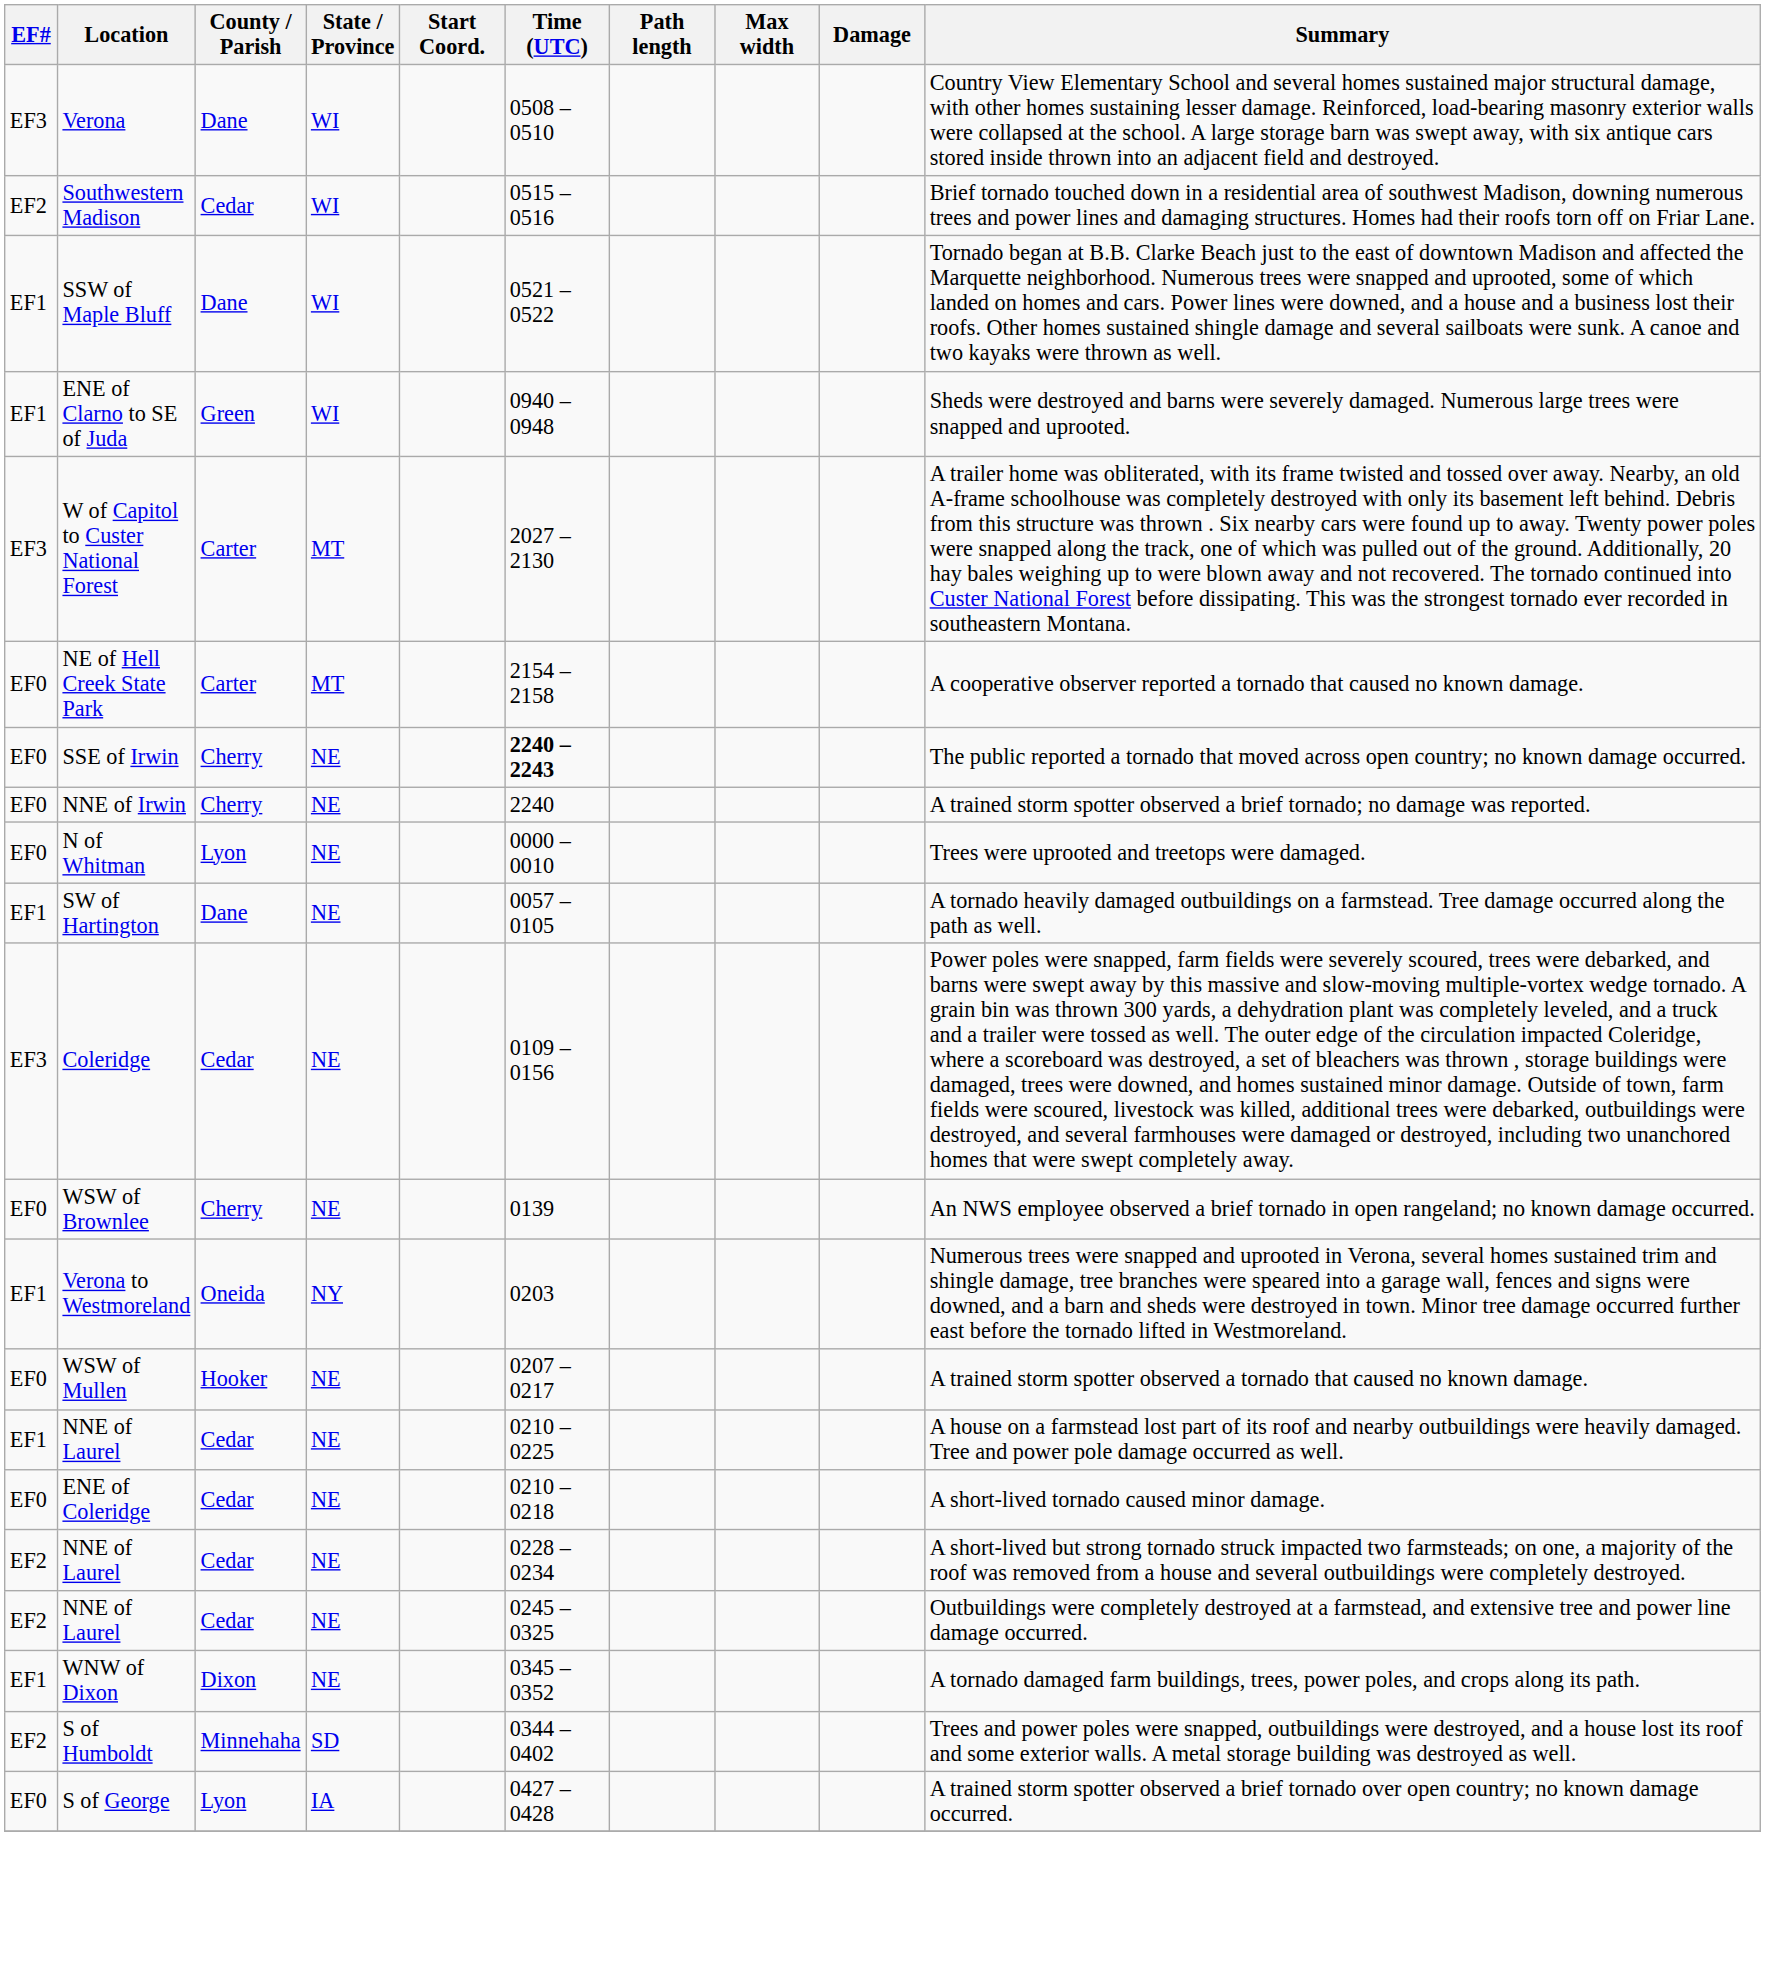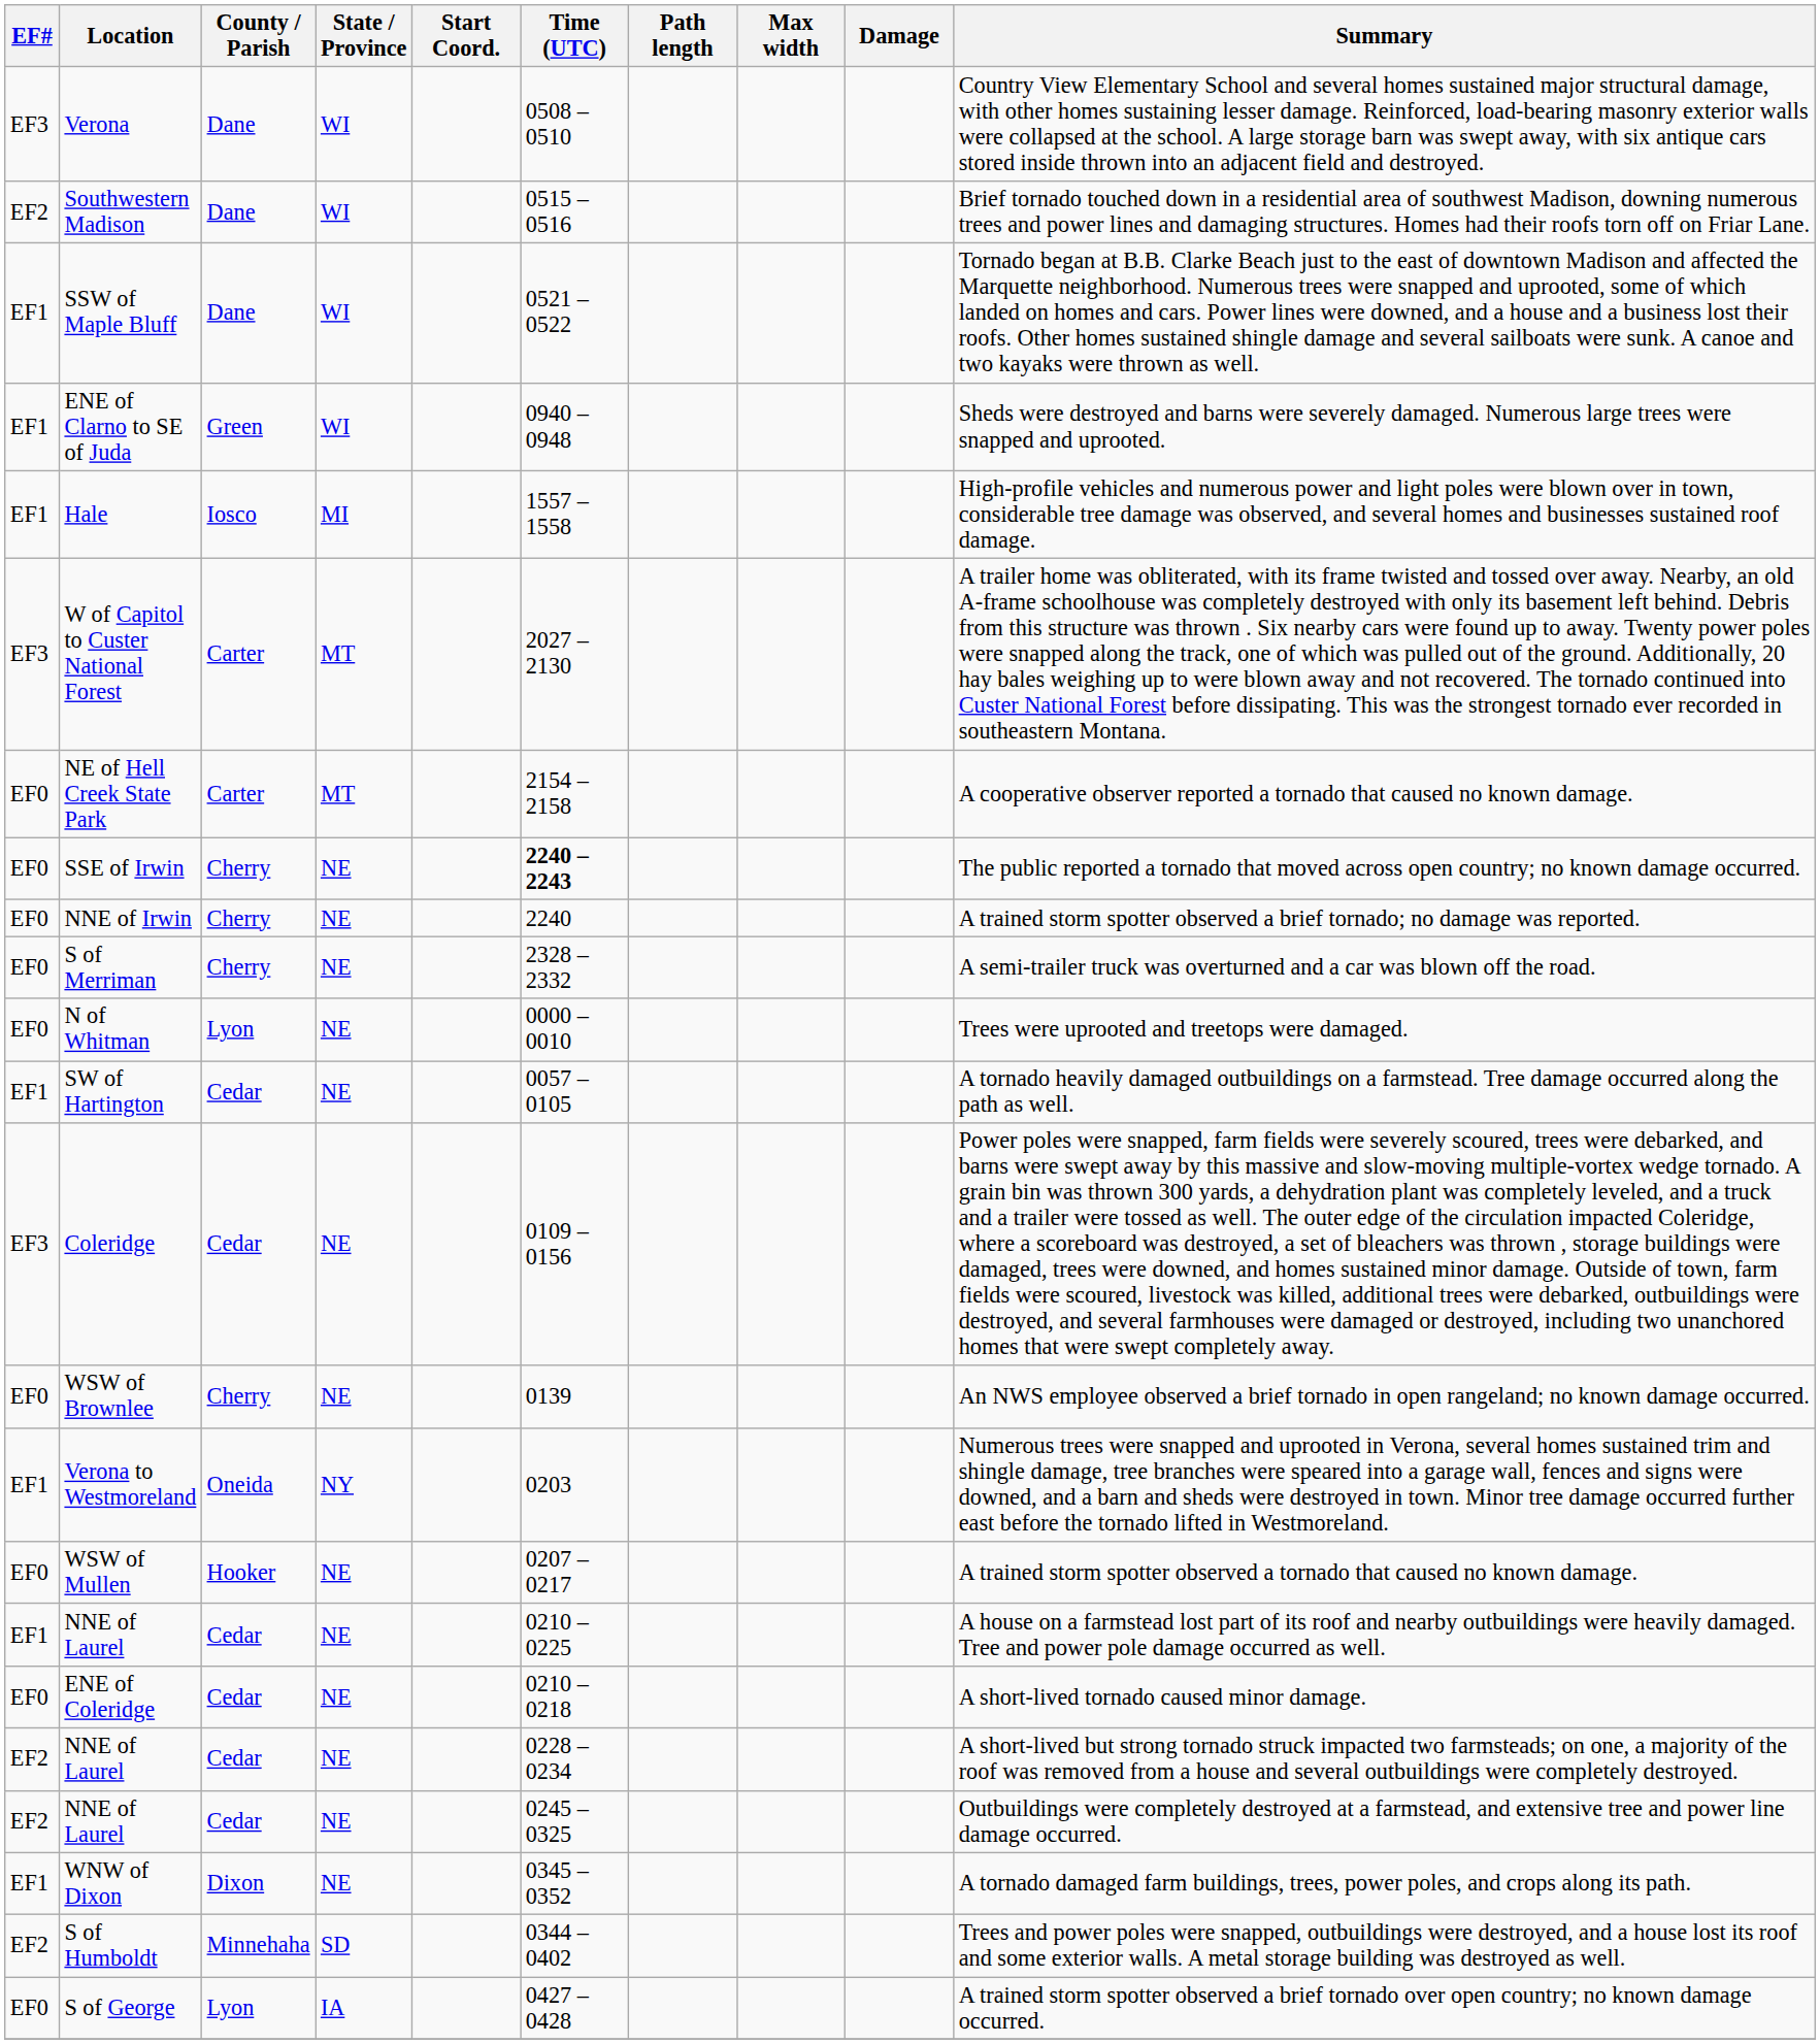 <table class="wikitable sortable" style="width:100%;">
 <tr>
 <th scope="col" width="3%" align="center"><a href='#'>EF#</a></th>
 <th scope="col" width="7%" align="center" class="unsortable">Location</th>
 <th scope="col" width="6%" align="center" class="unsortable">County / Parish</th>
 <th scope="col" width="5%" align="center">State / Province</th>
 <th scope="col" width="6%" align="center">Start Coord.</th>
 <th scope="col" width="6%" align="center">Time (<a href='#'>UTC</a>)</th>
 <th scope="col" width="6%" align="center">Path length</th>
 <th scope="col" width="6%" align="center">Max width</th>
 <th scope="col" width="6%" align="center">Damage</th>
 <th scope="col" width="48%" class="unsortable" align="center">Summary</th>
 </tr>
 <tr>
 <td>EF3</td>
 <td><a href='#'>Verona</a></td>
 <td><a href='#'>Dane</a></td>
 <td><a href='#'>WI</a></td>
 <td></td>
 <td>0508 – 0510</td>
 <td></td>
 <td></td>
 <td></td>
 <td>Country View Elementary School and several homes sustained major structural damage, with other homes sustaining lesser damage. Reinforced, load-bearing masonry exterior walls were collapsed at the school. A large storage barn was swept away, with six antique cars stored inside thrown into an adjacent field and destroyed.</td>
 </tr>
 <tr>
 <td>EF2</td>
 <td><a href='#'>Southwestern Madison</a></td>
-<td><a href='#'>Cedar</a></td>
+<td><a href='#'>Dane</a></td>
 <td><a href='#'>WI</a></td>
 <td></td>
 <td>0515 – 0516</td>
 <td></td>
 <td></td>
 <td></td>
 <td>Brief tornado touched down in a residential area of southwest Madison, downing numerous trees and power lines and damaging structures. Homes had their roofs torn off on Friar Lane.</td>
 </tr>
 <tr>
 <td>EF1</td>
 <td>SSW of <a href='#'>Maple Bluff</a></td>
 <td><a href='#'>Dane</a></td>
 <td><a href='#'>WI</a></td>
 <td></td>
 <td>0521 – 0522</td>
 <td></td>
 <td></td>
 <td></td>
 <td>Tornado began at B.B. Clarke Beach just to the east of downtown Madison and affected the Marquette neighborhood. Numerous trees were snapped and uprooted, some of which landed on homes and cars. Power lines were downed, and a house and a business lost their roofs. Other homes sustained shingle damage and several sailboats were sunk. A canoe and two kayaks were thrown as well.</td>
 </tr>
 <tr>
 <td>EF1</td>
 <td>ENE of <a href='#'>Clarno</a> to SE of <a href='#'>Juda</a></td>
 <td><a href='#'>Green</a></td>
 <td><a href='#'>WI</a></td>
 <td></td>
 <td>0940 – 0948</td>
 <td></td>
 <td></td>
 <td></td>
 <td>Sheds were destroyed and barns were severely damaged. Numerous large trees were snapped and uprooted.</td>
+</tr>
+<tr>
+<td>EF1</td>
+<td><a href='#'>Hale</a></td>
+<td><a href='#'>Iosco</a></td>
+<td><a href='#'>MI</a></td>
+<td></td>
+<td>1557 – 1558</td>
+<td></td>
+<td></td>
+<td></td>
+<td>High-profile vehicles and numerous power and light poles were blown over in town, considerable tree damage was observed, and several homes and businesses sustained roof damage.</td>
 </tr>
 <tr>
 <td>EF3</td>
 <td>W of <a href='#'>Capitol</a> to <a href='#'>Custer National Forest</a></td>
 <td><a href='#'>Carter</a></td>
 <td><a href='#'>MT</a></td>
 <td></td>
 <td>2027 – 2130</td>
 <td></td>
 <td></td>
 <td></td>
 <td>A trailer home was obliterated, with its frame twisted and tossed over  away. Nearby, an old A-frame schoolhouse was completely destroyed with only its basement left behind. Debris from this structure was thrown . Six nearby cars were found up to  away. Twenty power poles were snapped along the track, one of which was pulled out of the ground. Additionally, 20 hay bales weighing up to  were blown away and not recovered. The tornado continued into <a href='#'>Custer National Forest</a> before dissipating. This was the strongest tornado ever recorded in southeastern Montana.</td>
 </tr>
 <tr>
 <td>EF0</td>
 <td>NE of <a href='#'>Hell Creek State Park</a></td>
 <td><a href='#'>Carter</a></td>
 <td><a href='#'>MT</a></td>
 <td></td>
 <td>2154 – 2158</td>
 <td></td>
 <td></td>
 <td></td>
 <td>A cooperative observer reported a tornado that caused no known damage.</td>
 </tr>
 <tr>
 <td>EF0</td>
 <td>SSE of <a href='#'>Irwin</a></td>
 <td><a href='#'>Cherry</a></td>
 <td><a href='#'>NE</a></td>
 <td></td>
 <td><strong>2240 – 2243</strong></td>
 <td></td>
 <td></td>
 <td></td>
 <td>The public reported a tornado that moved across open country; no known damage occurred.</td>
 </tr>
 <tr>
 <td>EF0</td>
 <td>NNE of <a href='#'>Irwin</a></td>
 <td><a href='#'>Cherry</a></td>
 <td><a href='#'>NE</a></td>
 <td></td>
 <td>2240</td>
 <td></td>
 <td></td>
 <td></td>
 <td>A trained storm spotter observed a brief tornado; no damage was reported.</td>
 </tr>
 <tr>
 <td>EF0</td>
+<td>S of <a href='#'>Merriman</a></td>
+<td><a href='#'>Cherry</a></td>
+<td><a href='#'>NE</a></td>
+<td></td>
+<td>2328 – 2332</td>
+<td></td>
+<td></td>
+<td></td>
+<td>A semi-trailer truck was overturned and a car was blown off the road.</td>
+</tr>
+<tr>
+<td>EF0</td>
 <td>N of <a href='#'>Whitman</a></td>
 <td><a href='#'>Lyon</a></td>
 <td><a href='#'>NE</a></td>
 <td></td>
 <td>0000 – 0010</td>
 <td></td>
 <td></td>
 <td></td>
 <td>Trees were uprooted and treetops were damaged.</td>
 </tr>
 <tr>
 <td>EF1</td>
 <td>SW of <a href='#'>Hartington</a></td>
-<td><a href='#'>Dane</a></td>
+<td><a href='#'>Cedar</a></td>
 <td><a href='#'>NE</a></td>
 <td></td>
 <td>0057 – 0105</td>
 <td></td>
 <td></td>
 <td></td>
 <td>A tornado heavily damaged outbuildings on a farmstead. Tree damage occurred along the path as well.</td>
 </tr>
 <tr>
 <td>EF3</td>
 <td><a href='#'>Coleridge</a></td>
 <td><a href='#'>Cedar</a></td>
 <td><a href='#'>NE</a></td>
 <td></td>
 <td>0109 – 0156</td>
 <td></td>
 <td></td>
 <td></td>
 <td>Power poles were snapped, farm fields were severely scoured, trees were debarked, and barns were swept away by this massive and slow-moving multiple-vortex wedge tornado. A grain bin was thrown 300 yards, a dehydration plant was completely leveled, and a truck and a trailer were tossed as well. The outer edge of the circulation impacted Coleridge, where a scoreboard was destroyed, a set of bleachers was thrown , storage buildings were damaged, trees were downed, and homes sustained minor damage. Outside of town, farm fields were scoured, livestock was killed, additional trees were debarked, outbuildings were destroyed, and several farmhouses were damaged or destroyed, including two unanchored homes that were swept completely away.</td>
 </tr>
 <tr>
 <td>EF0</td>
 <td>WSW of <a href='#'>Brownlee</a></td>
 <td><a href='#'>Cherry</a></td>
 <td><a href='#'>NE</a></td>
 <td></td>
 <td>0139</td>
 <td></td>
 <td></td>
 <td></td>
 <td>An NWS employee observed a brief tornado in open rangeland; no known damage occurred.</td>
 </tr>
 <tr>
 <td>EF1</td>
 <td><a href='#'>Verona</a> to <a href='#'>Westmoreland</a></td>
 <td><a href='#'>Oneida</a></td>
 <td><a href='#'>NY</a></td>
 <td></td>
 <td>0203</td>
 <td></td>
 <td></td>
 <td></td>
 <td>Numerous trees were snapped and uprooted in Verona, several homes sustained trim and shingle damage, tree branches were speared into a garage wall, fences and signs were downed, and a barn and sheds were destroyed in town. Minor tree damage occurred further east before the tornado lifted in Westmoreland.</td>
 </tr>
 <tr>
 <td>EF0</td>
 <td>WSW of <a href='#'>Mullen</a></td>
 <td><a href='#'>Hooker</a></td>
 <td><a href='#'>NE</a></td>
 <td></td>
 <td>0207 – 0217</td>
 <td></td>
 <td></td>
 <td></td>
 <td>A trained storm spotter observed a tornado that caused no known damage.</td>
 </tr>
 <tr>
 <td>EF1</td>
 <td>NNE of <a href='#'>Laurel</a></td>
 <td><a href='#'>Cedar</a></td>
 <td><a href='#'>NE</a></td>
 <td></td>
 <td>0210 – 0225</td>
 <td></td>
 <td></td>
 <td></td>
 <td>A house on a farmstead lost part of its roof and nearby outbuildings were heavily damaged. Tree and power pole damage occurred as well.</td>
 </tr>
 <tr>
 <td>EF0</td>
 <td>ENE of <a href='#'>Coleridge</a></td>
 <td><a href='#'>Cedar</a></td>
 <td><a href='#'>NE</a></td>
 <td></td>
 <td>0210 – 0218</td>
 <td></td>
 <td></td>
 <td></td>
 <td>A short-lived tornado caused minor damage.</td>
 </tr>
 <tr>
 <td>EF2</td>
 <td>NNE of <a href='#'>Laurel</a></td>
 <td><a href='#'>Cedar</a></td>
 <td><a href='#'>NE</a></td>
 <td></td>
 <td>0228 – 0234</td>
 <td></td>
 <td></td>
 <td></td>
 <td>A short-lived but strong tornado struck impacted two farmsteads; on one, a majority of the roof was removed from a house and several outbuildings were completely destroyed.</td>
 </tr>
 <tr>
 <td>EF2</td>
 <td>NNE of <a href='#'>Laurel</a></td>
 <td><a href='#'>Cedar</a></td>
 <td><a href='#'>NE</a></td>
 <td></td>
 <td>0245 – 0325</td>
 <td></td>
 <td></td>
 <td></td>
 <td>Outbuildings were completely destroyed at a farmstead, and extensive tree and power line damage occurred.</td>
 </tr>
 <tr>
 <td>EF1</td>
 <td>WNW of <a href='#'>Dixon</a></td>
 <td><a href='#'>Dixon</a></td>
 <td><a href='#'>NE</a></td>
 <td></td>
 <td>0345 – 0352</td>
 <td></td>
 <td></td>
 <td></td>
 <td>A tornado damaged farm buildings, trees, power poles, and crops along its path.</td>
 </tr>
 <tr>
 <td>EF2</td>
 <td>S of <a href='#'>Humboldt</a></td>
 <td><a href='#'>Minnehaha</a></td>
 <td><a href='#'>SD</a></td>
 <td></td>
 <td>0344 – 0402</td>
 <td></td>
 <td></td>
 <td></td>
 <td>Trees and power poles were snapped, outbuildings were destroyed, and a house lost its roof and some exterior walls. A metal storage building was destroyed as well.</td>
 </tr>
 <tr>
 <td>EF0</td>
 <td>S of <a href='#'>George</a></td>
 <td><a href='#'>Lyon</a></td>
 <td><a href='#'>IA</a></td>
 <td></td>
 <td>0427 – 0428</td>
 <td></td>
 <td></td>
 <td></td>
 <td>A trained storm spotter observed a brief tornado over open country; no known damage occurred.</td>
 </tr>
 <tr>
 </tr>
 </table>
